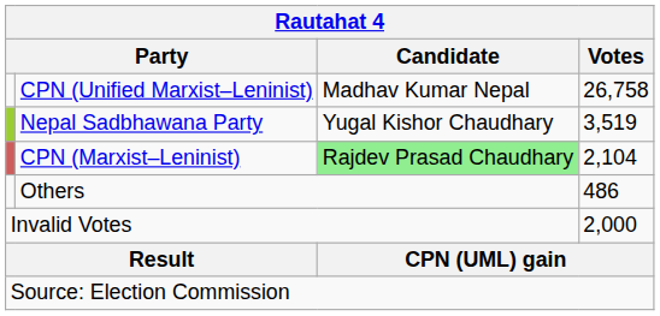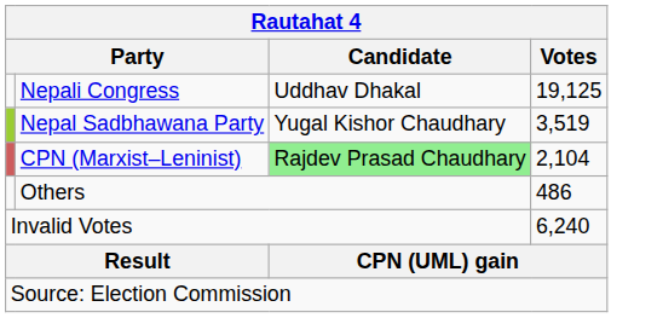 <table class="wikitable">
 <tr>
 <th colspan="4"><a href='#'>Rautahat 4</a></th>
 </tr>
 <tr>
 <th colspan="2">Party</th>
 <th>Candidate</th>
 <th>Votes</th>
 </tr>
 <tr>
 <td style="background-color:"></td>
-<td><a href='#'>CPN (Unified Marxist–Leninist)</a></td>
-<td>Madhav Kumar Nepal</td>
-<td>26,758</td>
+<td><a href='#'>Nepali Congress</a></td>
+<td>Uddhav Dhakal</td>
+<td>19,125</td>
 </tr>
 <tr>
 <td style="background-color:yellowgreen"></td>
 <td><a href='#'>Nepal Sadbhawana Party</a></td>
 <td>Yugal Kishor Chaudhary</td>
 <td>3,519</td>
 </tr>
 <tr>
 <td style="background-color:indianred"></td>
 <td><a href='#'>CPN (Marxist–Leninist)</a></td>
 <td style="background: lightgreen;">Rajdev Prasad Chaudhary</td>
 <td>2,104</td>
 </tr>
 <tr>
 <td></td>
 <td colspan="2">Others</td>
 <td>486</td>
 </tr>
 <tr>
 <td colspan="3">Invalid Votes</td>
-<td>2,000</td>
+<td>6,240</td>
 </tr>
 <tr>
 <th colspan="2">Result</th>
 <th colspan="2">CPN (UML) gain</th>
 </tr>
 <tr>
 <td colspan="4">Source: Election Commission</td>
 </tr>
 </table>
